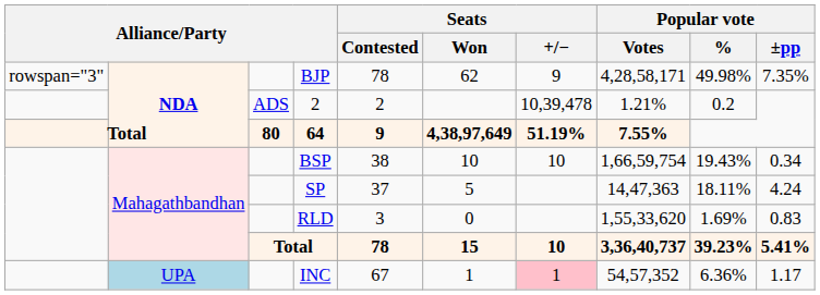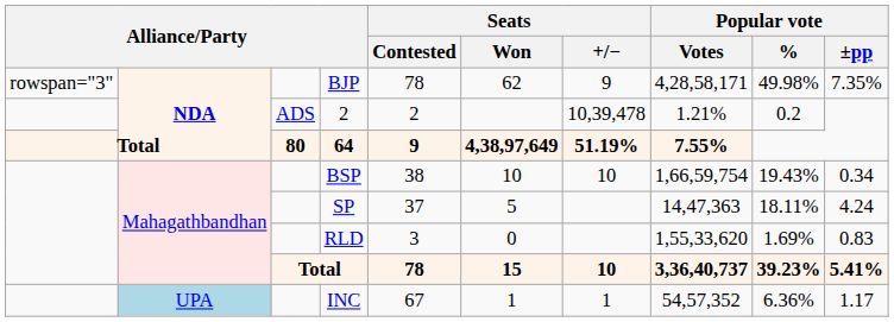 <table class="wikitable sortable" style="text-align:center;">
 <tr>
 <th colspan="4" rowspan="2">Alliance/Party</th>
 <th colspan="3">Seats</th>
 <th colspan="3">Popular vote</th>
 </tr>
 <tr>
 <th>Contested</th>
 <th>Won</th>
 <th><strong>+/−</strong></th>
 <th>Votes</th>
 <th>%</th>
 <th>±<a href='#'>pp</a></th>
 </tr>
 <tr>
 <td>rowspan="3" </td>
 <th rowspan="3"style="background:#fef3e8"><a href='#'>NDA</a></th>
 <td></td>
 <td><a href='#'>BJP</a></td>
 <td>78</td>
 <td>62</td>
 <td>9</td>
 <td>4,28,58,171</td>
 <td>49.98%</td>
 <td>7.35%</td>
 </tr>
 <tr>
 <td></td>
 <td><a href='#'>ADS</a></td>
 <td>2</td>
 <td>2</td>
 <td></td>
 <td>10,39,478</td>
 <td>1.21%</td>
 <td>0.2</td>
 </tr>
 <tr>
 <th colspan="2"style="background:#fef3e8">Total</th>
 <th style="background:#fef3e8">80</th>
 <th style="background:#fef3e8">64</th>
 <th style="background:#fef3e8">9</th>
 <th style="background:#fef3e8">4,38,97,649</th>
 <th style="background:#fef3e8">51.19%</th>
 <th style="background:#fef3e8"> 7.55%</th>
 </tr>
 <tr>
 <td rowspan=4 bgcolor=></td>
 <td rowspan=4 style="background:#FFE6E6"><a href='#'>Mahagathbandhan</a></td>
 <td></td>
 <td><a href='#'>BSP</a></td>
 <td>38</td>
 <td>10</td>
 <td>10</td>
 <td>1,66,59,754</td>
 <td>19.43%</td>
 <td>0.34</td>
 </tr>
 <tr>
 <td></td>
 <td><a href='#'>SP</a></td>
 <td>37</td>
 <td>5</td>
 <td></td>
 <td>14,47,363</td>
 <td>18.11%</td>
 <td>4.24</td>
 </tr>
 <tr>
 <td></td>
 <td><a href='#'>RLD</a></td>
 <td>3</td>
 <td>0</td>
 <td></td>
 <td>1,55,33,620</td>
 <td>1.69%</td>
 <td>0.83</td>
 </tr>
 <tr>
 <th colspan="2"style="background:#fef3e8">Total</th>
 <th style="background:#fef3e8">78</th>
 <th style="background:#fef3e8">15</th>
 <th style="background:#fef3e8">10</th>
 <th style="background:#fef3e8">3,36,40,737</th>
 <th style="background:#fef3e8">39.23%</th>
 <th style="background:#fef3e8"> 5.41%</th>
 </tr>
 <tr>
 <td bgcolor=></td>
 <td style="background:#ADD8E6"><a href='#'>UPA</a></td>
 <td></td>
 <td><a href='#'>INC</a></td>
 <td>67</td>
 <td>1</td>
-<td style="background: pink;">1</td>
+<td>1</td>
 <td>54,57,352</td>
 <td>6.36%</td>
 <td>1.17</td>
 </tr>
 </table>
